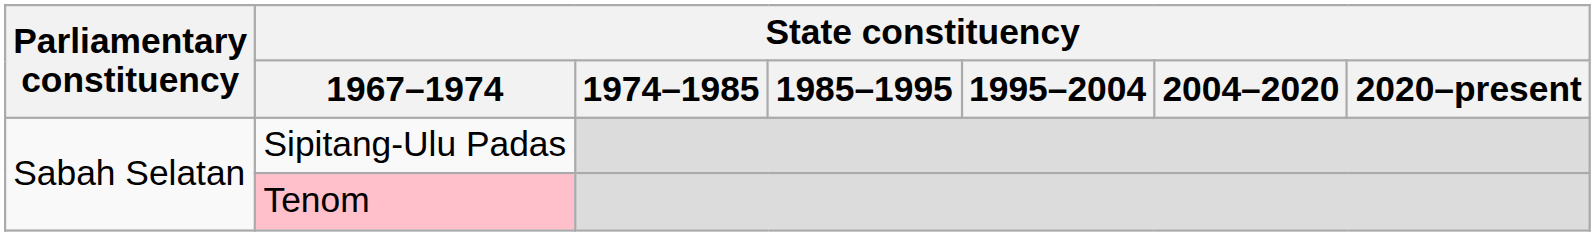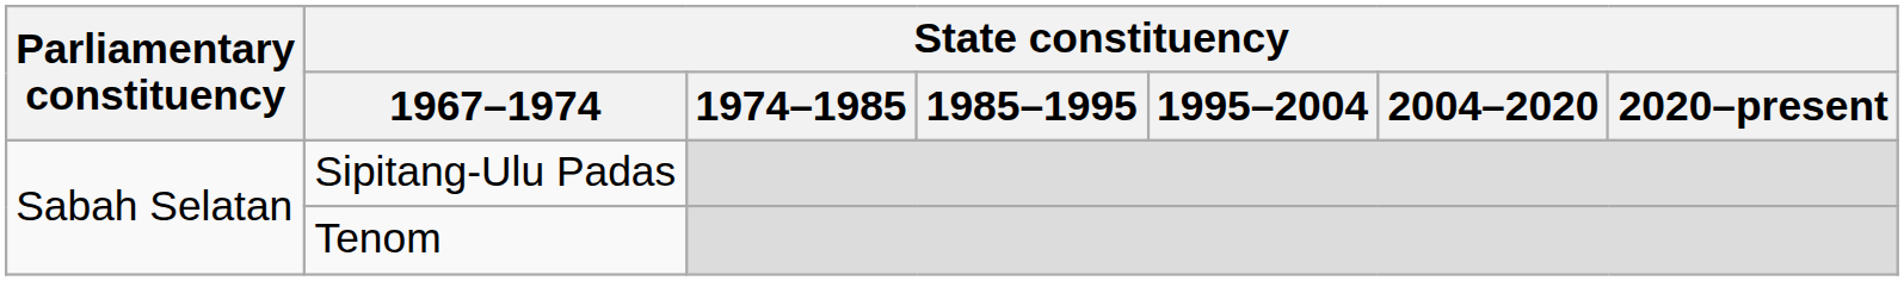 <table class=wikitable>
 <tr>
 <th rowspan=2>Parliamentary<br>constituency</th>
 <th colspan=6>State constituency</th>
 </tr>
 <tr>
 <th>1967–1974</th>
 <th>1974–1985</th>
 <th>1985–1995</th>
 <th>1995–2004</th>
 <th>2004–2020</th>
 <th>2020–present</th>
 </tr>
 <tr>
 <td rowspan=3>Sabah Selatan</td>
 <td>Sipitang-Ulu Padas</td>
 <td colspan=5 bgcolor=dcdcdc></td>
 </tr>
 <tr>
-<td style="background: pink;">Tenom</td>
+<td>Tenom</td>
 <td colspan=5 bgcolor=dcdcdc></td>
 </tr>
 </table>
